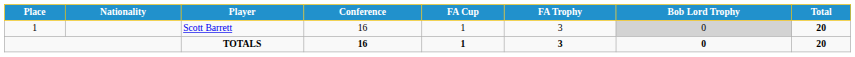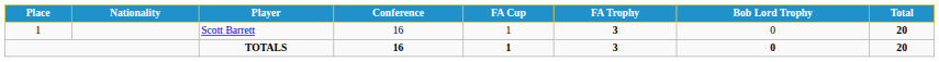 <table class="wikitable" style="text-align:center; font-size:90%; width:100%;">
 <tr>
 <th style="background:#2191CC; color:white; border:1px solid #F7C408; text-align:center;">Place</th>
 <th style="background:#2191CC; color:white; border:1px solid #F7C408; text-align:center;">Nationality</th>
 <th style="background:#2191CC; color:white; border:1px solid #F7C408; text-align:center;">Player</th>
 <th style="background:#2191CC; color:white; border:1px solid #F7C408; text-align:center;">Conference</th>
 <th style="background:#2191CC; color:white; border:1px solid #F7C408; text-align:center;">FA Cup</th>
 <th style="background:#2191CC; color:white; border:1px solid #F7C408; text-align:center;">FA Trophy</th>
 <th style="background:#2191CC; color:white; border:1px solid #F7C408; text-align:center;">Bob Lord Trophy</th>
 <th style="background:#2191CC; color:white; border:1px solid #F7C408; text-align:center;">Total</th>
 </tr>
 <tr>
 <td>1</td>
 <td></td>
 <td align="left"><a href='#'>Scott Barrett</a></td>
 <td>16</td>
 <td>1</td>
-<td>3</td>
-<td style="background: lightgrey;">0</td>
+<td><strong>3</strong></td>
+<td>0</td>
 <td><strong>20</strong></td>
 </tr>
 <tr>
 <td colspan="2"></td>
 <td><strong>TOTALS</strong></td>
 <td><strong>16</strong></td>
 <td><strong>1</strong></td>
 <td><strong>3</strong></td>
 <td><strong>0</strong></td>
 <td><strong>20</strong></td>
 </tr>
 </table>
